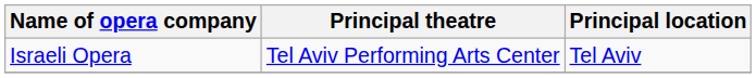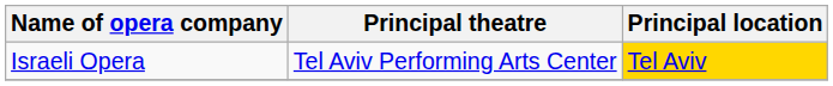 <table class="wikitable">
 <tr>
 <th>Name of <a href='#'>opera</a> company</th>
 <th>Principal theatre</th>
 <th>Principal location</th>
 </tr>
 <tr>
 <td><a href='#'>Israeli Opera</a></td>
 <td><a href='#'>Tel Aviv Performing Arts Center</a></td>
-<td><a href='#'>Tel Aviv</a></td>
+<td style="background: gold;"><a href='#'>Tel Aviv</a></td>
 </tr>
 <tr>
 </tr>
 </table>
